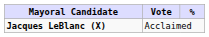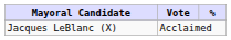 <table class="wikitable">
 <tr>
 <th style="background:#ddf; width:200px;">Mayoral Candidate</th>
 <th style="background:#ddf; width:50px;">Vote</th>
 <th style="background:#ddf; width:30px;">%</th>
 </tr>
 <tr>
-<td><strong>Jacques LeBlanc (X)</strong></td>
+<td>Jacques LeBlanc (X)</td>
 <td colspan="2">Acclaimed</td>
 </tr>
 </table>
